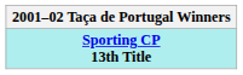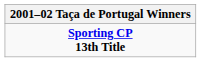 <table class="wikitable" style="text-align: center; margin: 0 auto; width: 20%">
 <tr>
 <th>2001–02 Taça de Portugal Winners</th>
 </tr>
 <tr>
-<td style="background: paleturquoise;"><strong><a href='#'>Sporting CP</a></strong><br><strong>13th Title</strong></td>
+<td><strong><a href='#'>Sporting CP</a></strong><br><strong>13th Title</strong></td>
 </tr>
 </table>
